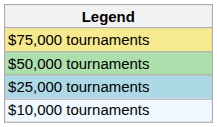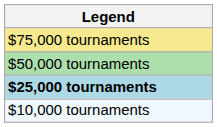 <table class=wikitable style="font-size:85%; width:15%;">
 <tr>
 <th>Legend</th>
 </tr>
 <tr style="background:#f7e98e;">
 <td>$75,000 tournaments</td>
 </tr>
 <tr style="background:#addfad;">
 <td>$50,000 tournaments</td>
 </tr>
 <tr style="background:lightblue;">
-<td>$25,000 tournaments</td>
+<td><strong>$25,000 tournaments</strong></td>
 </tr>
 <tr style="background:#f0f8ff;">
 <td>$10,000 tournaments</td>
 </tr>
 </table>
